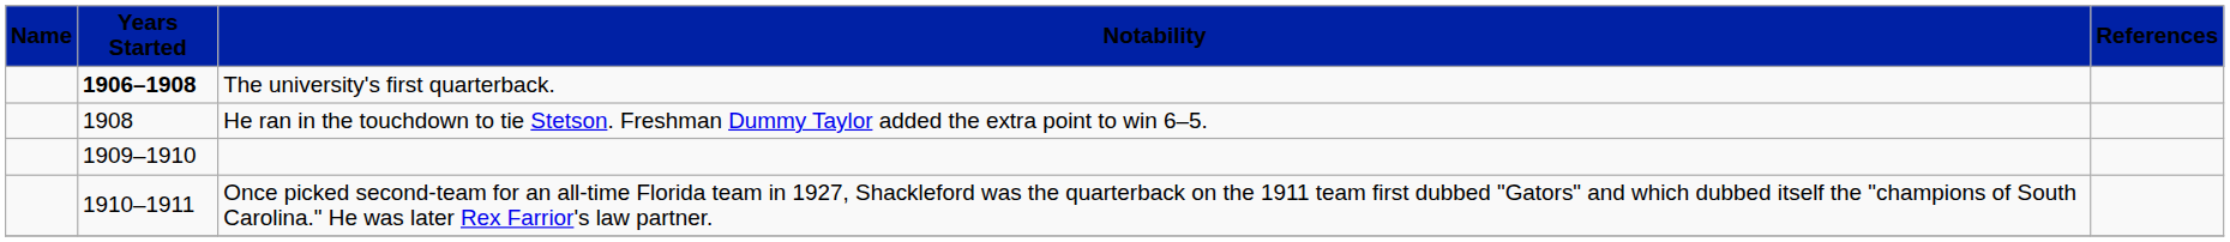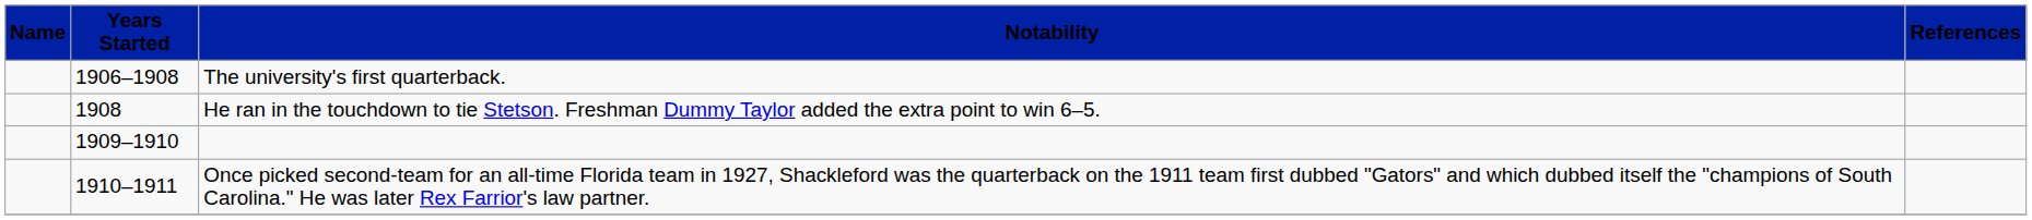 <table class="wikitable sortable" style="text-align:left;">
 <tr>
 <th style="background:#0021A5;"><span>Name</span></th>
 <th style="background:#0021A5;"><span>Years Started</span></th>
 <th style="background:#0021A5;"><span>Notability</span></th>
 <th style="background:#0021A5;"><span>References</span></th>
 </tr>
 <tr>
 <td></td>
-<td><strong>1906–1908</strong></td>
+<td>1906–1908</td>
 <td>The university's first quarterback.</td>
 <td></td>
 </tr>
 <tr>
 <td></td>
 <td>1908</td>
 <td>He ran in the touchdown to tie <a href='#'>Stetson</a>. Freshman <a href='#'>Dummy Taylor</a> added the extra point to win 6–5.</td>
 <td></td>
 </tr>
 <tr>
 <td></td>
 <td>1909–1910</td>
 <td></td>
 <td></td>
 </tr>
 <tr>
 <td></td>
 <td>1910–1911</td>
 <td>Once picked second-team for an all-time Florida team in 1927, Shackleford was the quarterback on the 1911 team first dubbed "Gators" and which dubbed itself the "champions of South Carolina." He was later <a href='#'>Rex Farrior</a>'s law partner.</td>
 <td></td>
 </tr>
 <tr>
 </tr>
 </table>
